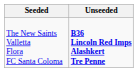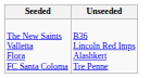 <table class="wikitable" style="font-size:80%">
 <tr>
 <th width=50%>Seeded</th>
 <th width=50%>Unseeded</th>
 </tr>
 <tr>
 <td valign=top><br> <a href='#'>The New Saints</a><br>  <a href='#'>Valletta</a><br>  <a href='#'>Flora</a><br>  <a href='#'>FC Santa Coloma</a></td>
-<td valign=top><strong><br> <a href='#'>B36</a><br>  <a href='#'>Lincoln Red Imps</a><br>  <a href='#'>Alashkert</a><br>  <a href='#'>Tre Penne</a></strong></td>
+<td valign=top><br> <a href='#'>B36</a><br>  <a href='#'>Lincoln Red Imps</a><br>  <a href='#'>Alashkert</a><br>  <a href='#'>Tre Penne</a></td>
 </tr>
 </table>
